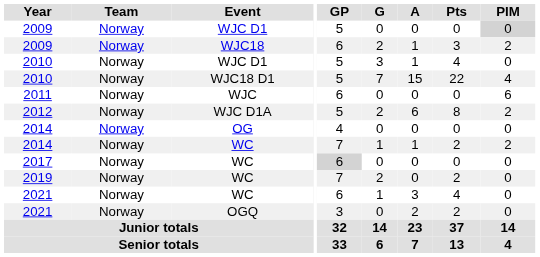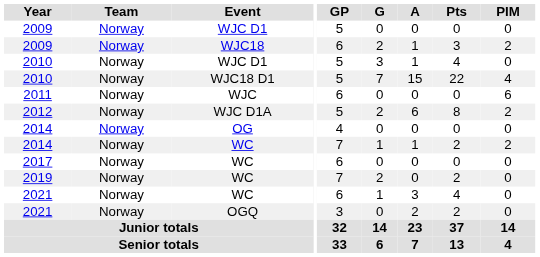 <table border="0" cellpadding="1" cellspacing="0" ID="Table3" style="text-align:center; width:40em">
 <tr ALIGN="center" bgcolor="#e0e0e0">
 <th>Year</th>
 <th>Team</th>
 <th>Event</th>
 <th rowspan="99" bgcolor="#ffffff"></th>
 <th>GP</th>
 <th>G</th>
 <th>A</th>
 <th>Pts</th>
 <th>PIM</th>
 </tr>
 <tr>
 <td><a href='#'>2009</a></td>
 <td><a href='#'>Norway</a></td>
 <td><a href='#'>WJC D1</a></td>
 <td>5</td>
 <td>0</td>
 <td>0</td>
 <td>0</td>
-<td style="background: lightgrey;">0</td>
+<td>0</td>
 </tr>
 <tr bgcolor="#f0f0f0">
 <td><a href='#'>2009</a></td>
 <td><a href='#'>Norway</a></td>
 <td><a href='#'>WJC18</a></td>
 <td>6</td>
 <td>2</td>
 <td>1</td>
 <td>3</td>
 <td>2</td>
 </tr>
 <tr>
 <td><a href='#'>2010</a></td>
 <td>Norway</td>
 <td>WJC D1</td>
 <td>5</td>
 <td>3</td>
 <td>1</td>
 <td>4</td>
 <td>0</td>
 </tr>
 <tr bgcolor="#f0f0f0">
 <td><a href='#'>2010</a></td>
 <td>Norway</td>
 <td>WJC18 D1</td>
 <td>5</td>
 <td>7</td>
 <td>15</td>
 <td>22</td>
 <td>4</td>
 </tr>
 <tr>
 <td><a href='#'>2011</a></td>
 <td>Norway</td>
 <td>WJC</td>
 <td>6</td>
 <td>0</td>
 <td>0</td>
 <td>0</td>
 <td>6</td>
 </tr>
 <tr bgcolor="#f0f0f0">
 <td><a href='#'>2012</a></td>
 <td>Norway</td>
 <td>WJC D1A</td>
 <td>5</td>
 <td>2</td>
 <td>6</td>
 <td>8</td>
 <td>2</td>
 </tr>
 <tr>
 <td><a href='#'>2014</a></td>
 <td><a href='#'>Norway</a></td>
 <td><a href='#'>OG</a></td>
 <td>4</td>
 <td>0</td>
 <td>0</td>
 <td>0</td>
 <td>0</td>
 </tr>
 <tr bgcolor="#f0f0f0">
 <td><a href='#'>2014</a></td>
 <td>Norway</td>
 <td><a href='#'>WC</a></td>
 <td>7</td>
 <td>1</td>
 <td>1</td>
 <td>2</td>
 <td>2</td>
 </tr>
 <tr>
 <td><a href='#'>2017</a></td>
 <td>Norway</td>
 <td>WC</td>
-<td style="background: lightgrey;">6</td>
+<td>6</td>
 <td>0</td>
 <td>0</td>
 <td>0</td>
 <td>0</td>
 </tr>
 <tr bgcolor="#f0f0f0">
 <td><a href='#'>2019</a></td>
 <td>Norway</td>
 <td>WC</td>
 <td>7</td>
 <td>2</td>
 <td>0</td>
 <td>2</td>
 <td>0</td>
 </tr>
 <tr>
 <td><a href='#'>2021</a></td>
 <td>Norway</td>
 <td>WC</td>
 <td>6</td>
 <td>1</td>
 <td>3</td>
 <td>4</td>
 <td>0</td>
 </tr>
 <tr bgcolor="#f0f0f0">
 <td><a href='#'>2021</a></td>
 <td>Norway</td>
 <td>OGQ</td>
 <td>3</td>
 <td>0</td>
 <td>2</td>
 <td>2</td>
 <td>0</td>
 </tr>
 <tr bgcolor="#e0e0e0">
 <th colspan=3>Junior totals</th>
 <th>32</th>
 <th>14</th>
 <th>23</th>
 <th>37</th>
 <th>14</th>
 </tr>
 <tr bgcolor="#e0e0e0">
 <th colspan=3>Senior totals</th>
 <th>33</th>
 <th>6</th>
 <th>7</th>
 <th>13</th>
 <th>4</th>
 </tr>
 </table>
